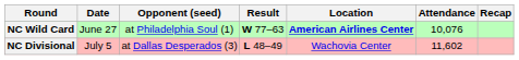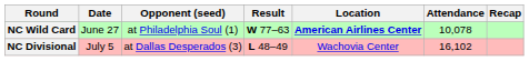 <table class="wikitable" style="text-align:center">
 <tr>
 <th>Round</th>
 <th>Date</th>
 <th>Opponent (seed)</th>
 <th>Result</th>
 <th>Location</th>
 <th>Attendance</th>
 <th>Recap</th>
 </tr>
 <tr bgcolor="bbffbb">
 <th>NC Wild Card</th>
 <td>June 27</td>
 <td>at <a href='#'>Philadelphia Soul</a> (1)</td>
 <td><strong>W</strong> 77–63</td>
 <td><strong><a href='#'>American Airlines Center</a></strong></td>
-<td>10,076</td>
+<td>10,078</td>
 <td></td>
 </tr>
 <tr bgcolor="ffbbbb">
 <th>NC Divisional</th>
 <td>July 5</td>
 <td>at <a href='#'>Dallas Desperados</a> (3)</td>
 <td><strong>L</strong> 48–49</td>
 <td><a href='#'>Wachovia Center</a></td>
-<td>11,602</td>
+<td>16,102</td>
 <td></td>
 </tr>
 </table>
